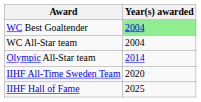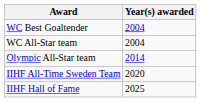 <table class="wikitable">
 <tr>
 <th>Award</th>
 <th>Year(s) awarded</th>
 </tr>
 <tr>
 <td><a href='#'>WC</a> Best Goaltender</td>
-<td style="background: lightgreen;"><a href='#'>2004</a></td>
+<td><a href='#'>2004</a></td>
 </tr>
 <tr>
 <td>WC All-Star team</td>
 <td>2004</td>
 </tr>
 <tr>
 <td><a href='#'>Olympic</a> All-Star team</td>
 <td><a href='#'>2014</a></td>
 </tr>
 <tr>
 <td><a href='#'>IIHF All-Time Sweden Team</a></td>
 <td>2020</td>
 </tr>
 <tr>
 <td><a href='#'>IIHF Hall of Fame</a></td>
 <td>2025</td>
 </tr>
 </table>
